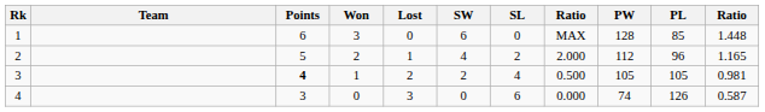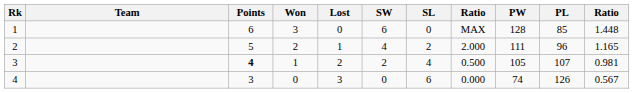 <table class=wikitable style=text-align:center>
 <tr>
 <th width=25>Rk</th>
 <th width=300>Team</th>
 <th width=60>Points</th>
 <th width=60>Won</th>
 <th width=60>Lost</th>
 <th width=60>SW</th>
 <th width=60>SL</th>
 <th width=60>Ratio</th>
 <th width=60>PW</th>
 <th width=60>PL</th>
 <th width=60>Ratio</th>
 </tr>
 <tr>
 <td>1</td>
 <td></td>
 <td>6</td>
 <td>3</td>
 <td>0</td>
 <td>6</td>
 <td>0</td>
 <td>MAX</td>
 <td>128</td>
 <td>85</td>
 <td>1.448</td>
 </tr>
 <tr>
 <td>2</td>
 <td></td>
 <td>5</td>
 <td>2</td>
 <td>1</td>
 <td>4</td>
 <td>2</td>
 <td>2.000</td>
-<td>112</td>
+<td>111</td>
 <td>96</td>
 <td>1.165</td>
 </tr>
 <tr>
 <td>3</td>
 <td></td>
 <td><strong>4</strong></td>
 <td>1</td>
 <td>2</td>
 <td>2</td>
 <td>4</td>
 <td>0.500</td>
 <td>105</td>
-<td>105</td>
+<td>107</td>
 <td>0.981</td>
 </tr>
 <tr>
 <td>4</td>
 <td></td>
 <td>3</td>
 <td>0</td>
 <td>3</td>
 <td>0</td>
 <td>6</td>
 <td>0.000</td>
 <td>74</td>
 <td>126</td>
-<td>0.587</td>
+<td>0.567</td>
 </tr>
 </table>
